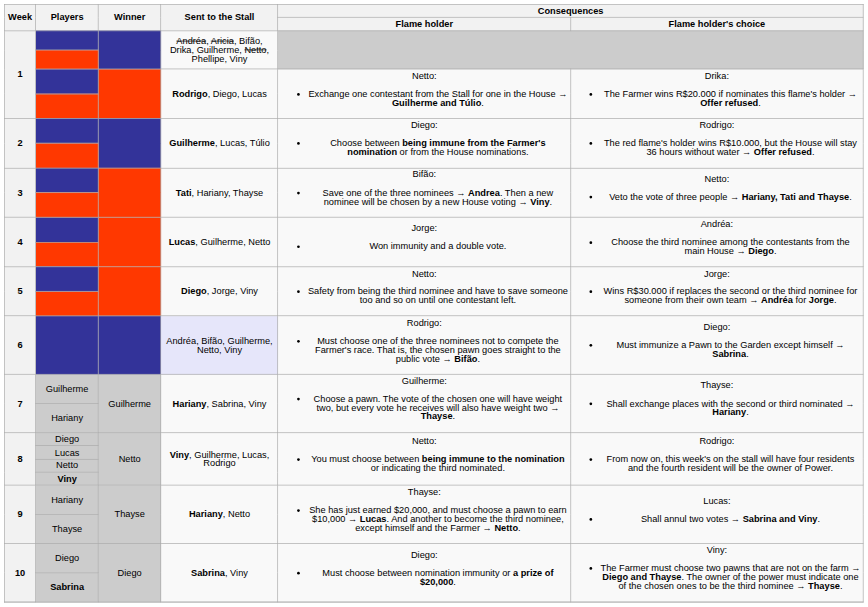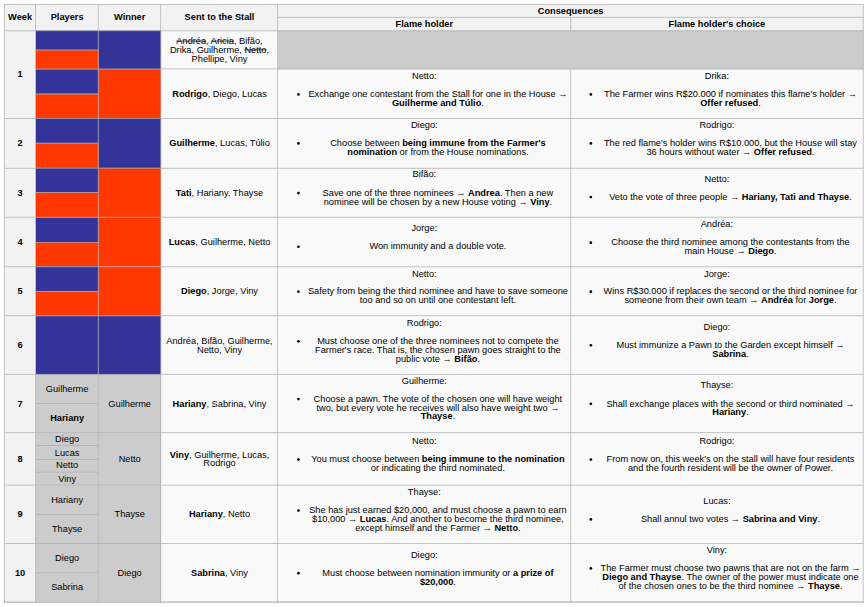 <table class="wikitable" style="text-align:center; font-size:85%; width:100%; line-height:13px;">
 <tr>
 <th width="01%" rowspan=2>Week</th>
 <th width="05%" rowspan=2>Players</th>
 <th width="05%" rowspan=2>Winner</th>
 <th width="10%" rowspan=2>Sent to the Stall</th>
 <th width="50%" colspan=2>Consequences</th>
 </tr>
 <tr>
 <th width="25%">Flame holder</th>
 <th width="25%">Flame holder's choice</th>
 </tr>
 <tr>
 <th rowspan=4>1</th>
 <td bgcolor=333399 rowspan=1></td>
 <td bgcolor=333399 rowspan=2></td>
 <td rowspan=2 style="height:50px"><s>Andréa</s>, <s>Aricia</s>, Bifão, Drika, Guilherme, <s>Netto</s>, Phellipe, Viny</td>
 <td bgcolor=CCCCCC  rowspan=2 colspan=2></td>
 </tr>
 <tr>
 <td bgcolor=FF3800 rowspan=1></td>
 </tr>
 <tr>
 <td bgcolor=333399 rowspan=1></td>
 <td bgcolor=FF3800 rowspan=2></td>
 <td rowspan=2><strong>Rodrigo</strong>, Diego, Lucas</td>
 <td rowspan=2>Netto:<br><ul><li> Exchange one contestant from the Stall for one in the House → <strong>Guilherme and Túlio</strong>.</li></ul></td>
 <td rowspan=2>Drika:<br><ul><li> The Farmer wins R$20.000 if nominates this flame's holder → <strong>Offer refused</strong>.</li></ul></td>
 </tr>
 <tr>
 <td bgcolor=FF3800 rowspan=1></td>
 </tr>
 <tr>
 <th rowspan=2>2</th>
 <td bgcolor=333399 rowspan=1></td>
 <td bgcolor=333399 rowspan=2></td>
 <td rowspan=2><strong>Guilherme</strong>, Lucas, Túlio</td>
 <td rowspan=2>Diego:<br><ul><li> Choose between <strong>being immune from the Farmer's nomination</strong> or from the House nominations.</li></ul></td>
 <td rowspan=2>Rodrigo:<br><ul><li> The red flame's holder wins R$10.000, but the House will stay 36 hours without water → <strong>Offer refused</strong>.</li></ul></td>
 </tr>
 <tr>
 <td bgcolor=FF3800 rowspan=1></td>
 </tr>
 <tr>
 <th rowspan=2>3</th>
 <td bgcolor=333399 rowspan=1></td>
 <td bgcolor=FF3800 rowspan=2></td>
 <td rowspan=2><strong>Tati</strong>, Hariany, Thayse</td>
 <td rowspan=2>Bifão:<br><ul><li> Save one of the three nominees → <strong>Andrea</strong>. Then a new nominee will be chosen by a new House voting → <strong>Viny</strong>.</li></ul></td>
 <td rowspan=2>Netto:<br><ul><li> Veto the vote of three people → <strong>Hariany, Tati and Thayse</strong>.</li></ul></td>
 </tr>
 <tr>
 <td bgcolor=FF3800 rowspan=1></td>
 </tr>
 <tr>
 <th rowspan=2>4</th>
 <td bgcolor=333399 rowspan=1></td>
 <td bgcolor=FF3800 rowspan=2></td>
 <td rowspan=2><strong>Lucas</strong>, Guilherme, Netto</td>
 <td rowspan=2>Jorge:<br><ul><li> Won immunity and a double vote.</li></ul></td>
 <td rowspan=2>Andréa:<br><ul><li> Choose the third nominee among the contestants from the main House → <strong>Diego</strong>.</li></ul></td>
 </tr>
 <tr>
 <td bgcolor=FF3800 rowspan=1></td>
 </tr>
 <tr>
 <th rowspan=2>5</th>
 <td bgcolor=333399 rowspan=1></td>
 <td bgcolor=FF3800 rowspan=2></td>
 <td rowspan=2><strong>Diego</strong>, Jorge, Viny</td>
 <td rowspan=2>Netto:<br><ul><li> Safety from being the third nominee and have to save someone too and so on until one contestant left.</li></ul></td>
 <td rowspan=2>Jorge:<br><ul><li> Wins R$30.000 if replaces the second or the third nominee for someone from their own team → <strong>Andréa</strong> for <strong>Jorge</strong>.</li></ul></td>
 </tr>
 <tr>
 <td bgcolor=FF3800 rowspan=1></td>
 </tr>
 <tr>
 <th>6</th>
 <td bgcolor=333399></td>
 <td bgcolor=333399></td>
-<td style="background: lavender;">Andréa, Bifão, Guilherme, Netto, Viny</td>
+<td>Andréa, Bifão, Guilherme, Netto, Viny</td>
 <td>Rodrigo:<br><ul><li> Must choose one of the three nominees not to compete the Farmer's race. That is, the chosen pawn goes straight to the public vote → <strong>Bifão</strong>. </li></ul></td>
 <td>Diego:<br><ul><li> Must immunize a Pawn to the Garden except himself → <strong>Sabrina</strong>.</li></ul></td>
 </tr>
 <tr>
 <th rowspan=2>7</th>
 <td bgcolor=CCCCCC>Guilherme</td>
 <td bgcolor=CCCCCC rowspan="2">Guilherme</td>
 <td rowspan=2><strong>Hariany</strong>, Sabrina, Viny</td>
 <td rowspan=2>Guilherme:<br><ul><li> Choose a pawn. The vote of the chosen one will have weight two, but every vote he receives will also have weight two → <strong>Thayse</strong>.</li></ul></td>
 <td rowspan=2>Thayse:<br><ul><li> Shall exchange places with the second or third nominated → <strong>Hariany</strong>.</li></ul></td>
 </tr>
 <tr>
-<td bgcolor=CCCCCC>Hariany</td>
+<td bgcolor=CCCCCC><strong>Hariany</strong></td>
 </tr>
 <tr>
 <th rowspan=4>8</th>
 <td bgcolor=CCCCCC>Diego</td>
 <td bgcolor=CCCCCC rowspan="4">Netto</td>
 <td rowspan=4><strong>Viny</strong>, Guilherme, Lucas, Rodrigo</td>
 <td rowspan=4>Netto:<br><ul><li> You must choose between <strong>being immune to the nomination</strong> or indicating the third nominated.</li></ul></td>
 <td rowspan=4>Rodrigo:<br><ul><li> From now on, this week's on the stall will have four residents and the fourth resident will be the owner of Power.</li></ul></td>
 </tr>
 <tr>
 <td bgcolor=CCCCCC>Lucas</td>
 </tr>
 <tr>
 <td bgcolor=CCCCCC>Netto</td>
 </tr>
 <tr>
-<td bgcolor=CCCCCC><strong>Viny</strong></td>
+<td bgcolor=CCCCCC>Viny</td>
 </tr>
 <tr>
 <th rowspan=2>9</th>
 <td bgcolor=CCCCCC>Hariany</td>
 <td bgcolor=CCCCCC rowspan="2">Thayse</td>
 <td rowspan=2><strong>Hariany</strong>, Netto</td>
 <td rowspan=2>Thayse:<br><ul><li> She has just earned $20,000, and must choose a pawn to earn $10,000 → <strong>Lucas</strong>. And another to become the third nominee, except himself and the Farmer → <strong>Netto</strong>.</li></ul></td>
 <td rowspan=2>Lucas:<br><ul><li> Shall annul two votes → <strong>Sabrina and Viny</strong>.</li></ul></td>
 </tr>
 <tr>
 <td bgcolor=CCCCCC>Thayse</td>
 </tr>
 <tr>
 <th rowspan=2>10</th>
 <td bgcolor=CCCCCC>Diego</td>
 <td bgcolor=CCCCCC rowspan="2">Diego</td>
 <td rowspan=2><strong>Sabrina</strong>, Viny</td>
 <td rowspan=2>Diego:<br><ul><li> Must choose between nomination immunity or <strong>a prize of $20,000</strong>.</li></ul></td>
 <td rowspan=2>Viny:<br><ul><li> The Farmer must choose two pawns that are not on the farm → <strong>Diego and Thayse</strong>. The owner of the power must indicate one of the chosen ones to be the third nominee → <strong>Thayse</strong>.</li></ul></td>
 </tr>
 <tr>
-<td bgcolor=CCCCCC><strong>Sabrina</strong></td>
+<td bgcolor=CCCCCC>Sabrina</td>
 </tr>
 <tr>
 </tr>
 </table>
